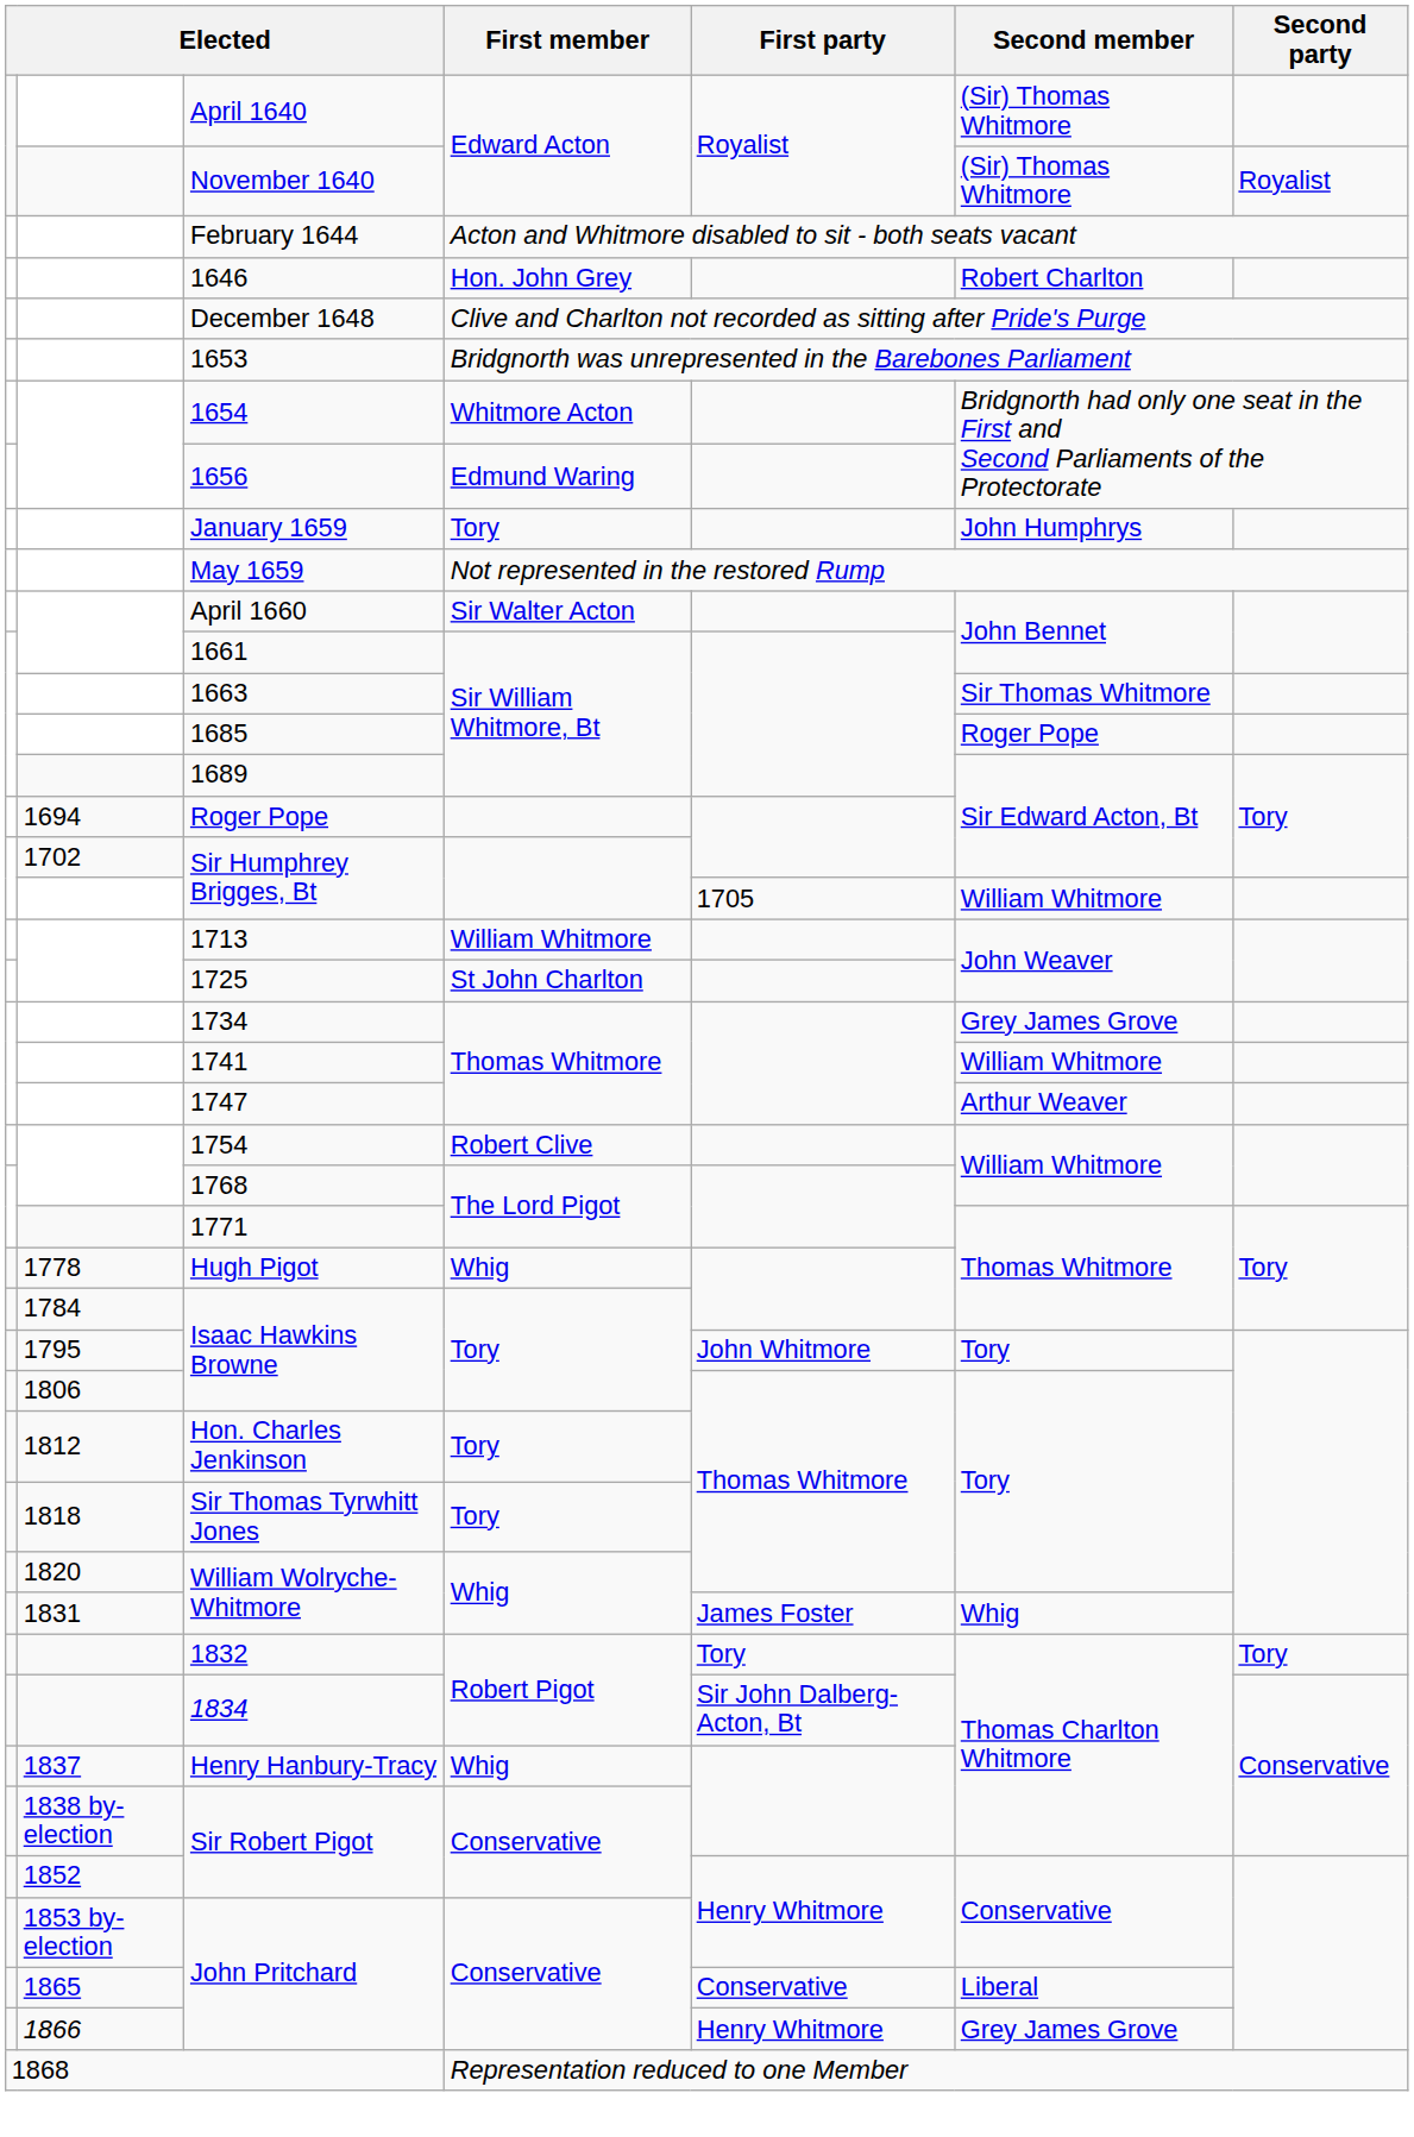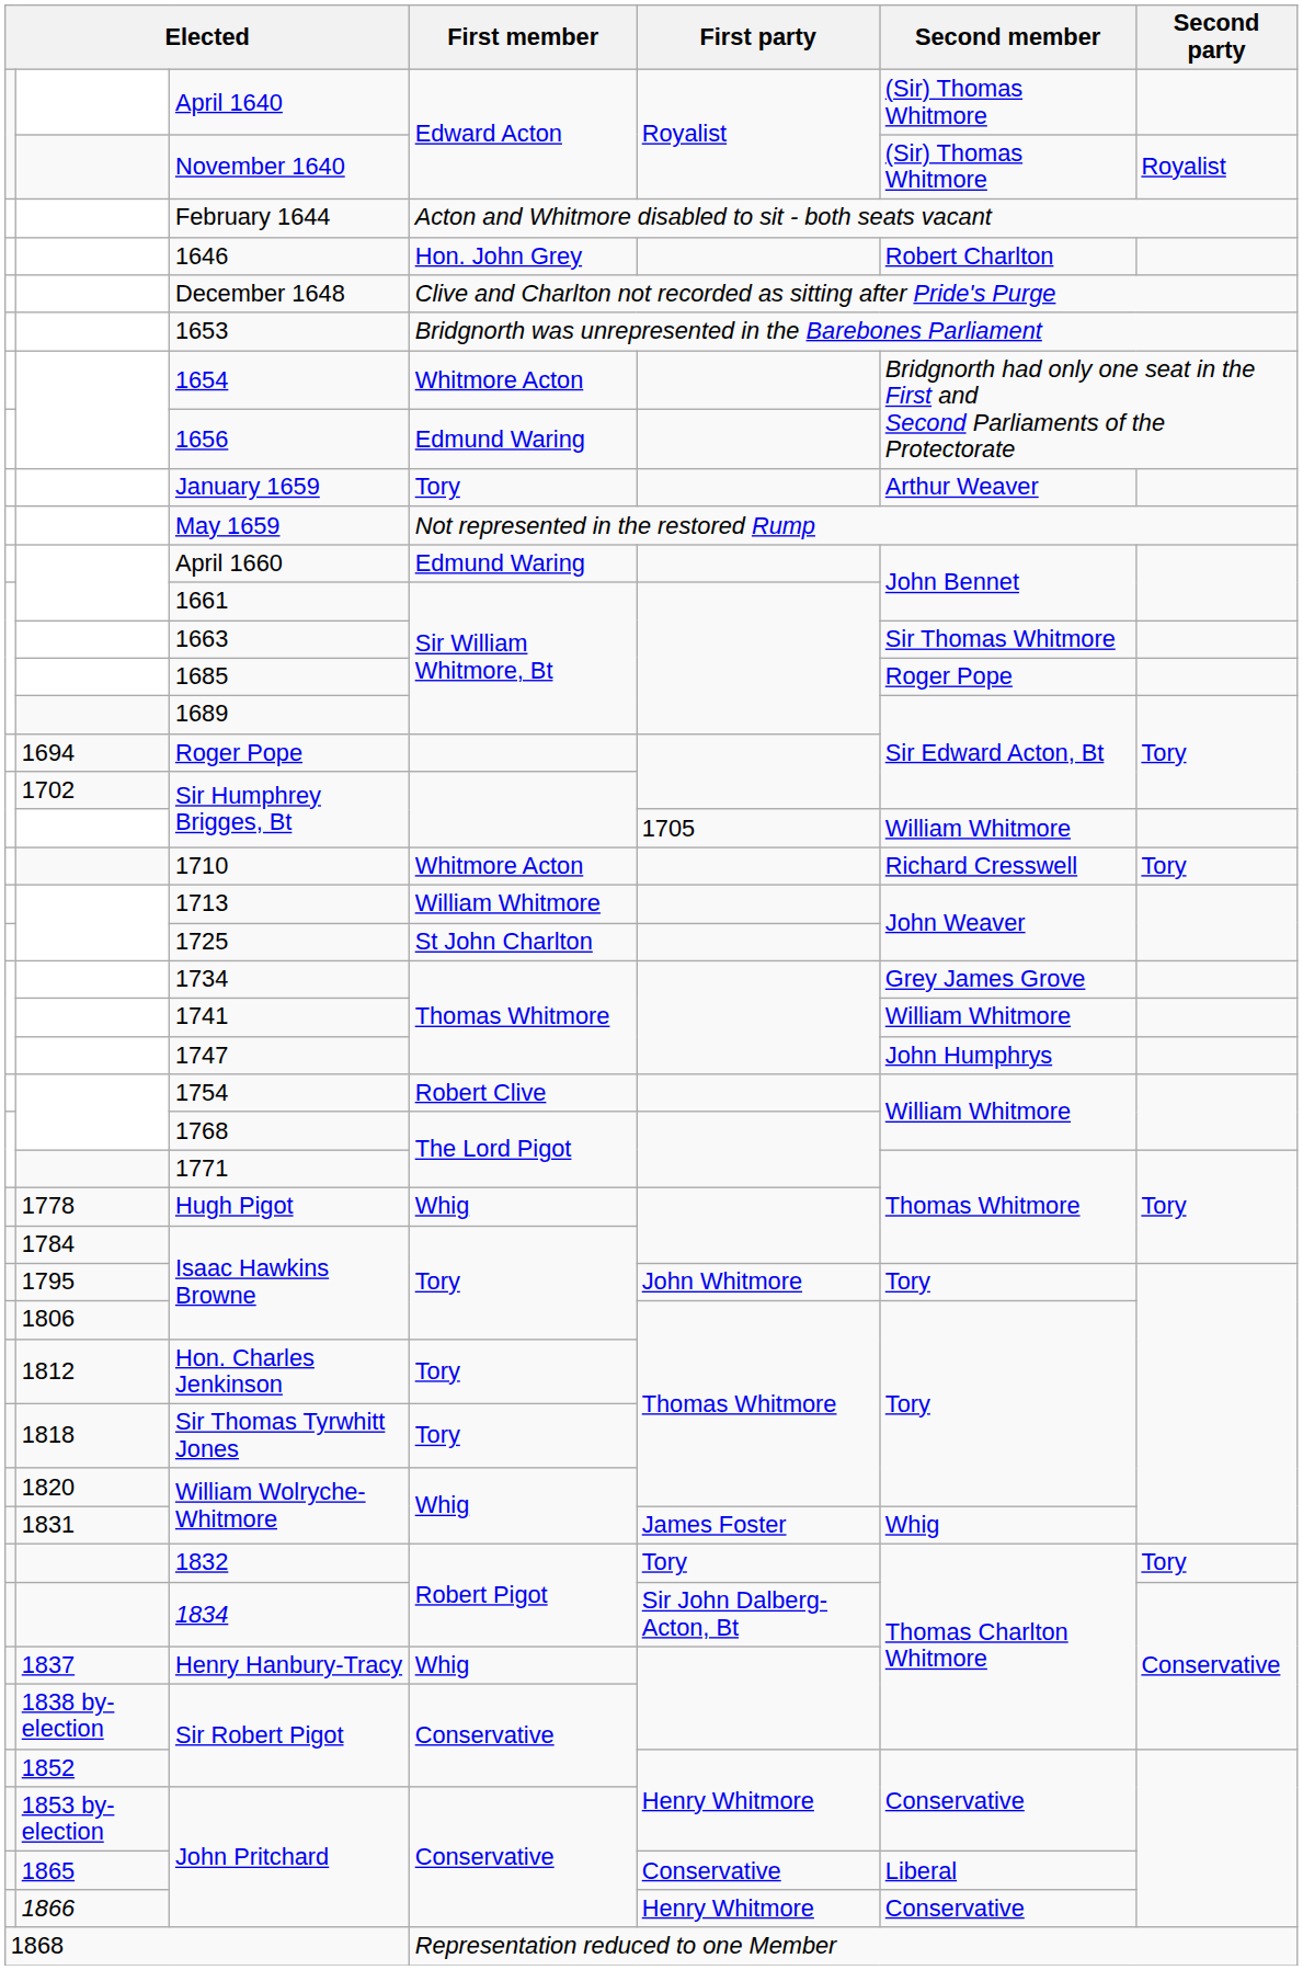 <table class="wikitable">
 <tr>
 <th colspan="3">Elected</th>
 <th>First member</th>
 <th>First party</th>
 <th>Second member</th>
 <th>Second party</th>
 </tr>
 <tr>
 <td rowspan="2" style="color:inherit;background-color: "></td>
 <td style="color:inherit;background:white;"></td>
 <td><a href='#'>April 1640</a></td>
 <td rowspan="2"><a href='#'>Edward Acton</a></td>
 <td rowspan="2"><a href='#'>Royalist</a></td>
 <td><a href='#'>(Sir) Thomas Whitmore</a></td>
 <td></td>
 </tr>
 <tr>
 <td style="color:inherit;background-color: "></td>
 <td><a href='#'>November 1640</a></td>
 <td><a href='#'>(Sir) Thomas Whitmore</a></td>
 <td><a href='#'>Royalist</a></td>
 </tr>
 <tr>
 <td style="color:inherit;background:white;"></td>
 <td style="color:inherit;background:white;"></td>
 <td>February 1644</td>
 <td colspan="4"><em>Acton and Whitmore disabled to sit - both seats vacant</em></td>
 </tr>
 <tr>
 <td style="color:inherit;background:white;"></td>
 <td style="color:inherit;background:white;"></td>
 <td>1646</td>
 <td><a href='#'>Hon. John Grey</a></td>
 <td></td>
 <td><a href='#'>Robert Charlton</a></td>
 </tr>
 <tr>
 <td style="color:inherit;background:white;"></td>
 <td style="color:inherit;background:white;"></td>
 <td>December 1648</td>
 <td colspan="4"><em>Clive and Charlton not recorded as sitting after <a href='#'>Pride's Purge</a></em></td>
 </tr>
 <tr>
 <td style="color:inherit;background:white;"></td>
 <td style="color:inherit;background:white;"></td>
 <td>1653</td>
 <td colspan="4"><em>Bridgnorth was unrepresented in the <a href='#'>Barebones Parliament</a></em></td>
 </tr>
 <tr>
 <td style="color:inherit;background:white;"></td>
 <td rowspan="2" style="color:inherit;background:white;"></td>
 <td><a href='#'>1654</a></td>
 <td><a href='#'>Whitmore Acton</a></td>
 <td></td>
 <td rowspan="2" colspan="2"><em>Bridgnorth had only one seat in the <a href='#'>First</a>  and <br><a href='#'>Second</a> Parliaments of the Protectorate</em></td>
 </tr>
 <tr>
 <td style="color:inherit;background:white;"></td>
 <td><a href='#'>1656</a></td>
 <td><a href='#'>Edmund Waring</a></td>
 <td></td>
 </tr>
 <tr>
 <td style="color:inherit;background:white;"></td>
 <td style="color:inherit;background:white;"></td>
 <td><a href='#'>January 1659</a></td>
 <td><a href='#'>Tory</a></td>
 <td></td>
-<td><a href='#'>John Humphrys</a></td>
+<td><a href='#'>Arthur Weaver</a></td>
 <td></td>
 </tr>
 <tr>
 <td style="color:inherit;background:white;"></td>
 <td style="color:inherit;background:white;"></td>
 <td><a href='#'>May 1659</a></td>
 <td colspan="4"><em>Not represented in the restored <a href='#'>Rump</a></em></td>
 </tr>
 <tr>
 <td style="color:inherit;background:white;"></td>
 <td style="color:inherit;background:white;" rowspan="2"></td>
 <td>April 1660</td>
-<td><a href='#'>Sir Walter Acton</a></td>
+<td><a href='#'>Edmund Waring</a></td>
 <td></td>
 <td rowspan="2"><a href='#'>John Bennet</a></td>
 <td rowspan="2"></td>
 </tr>
 <tr>
 <td style="color:inherit;background:white;" rowspan="4"></td>
 <td>1661</td>
 <td rowspan="4"><a href='#'>Sir William Whitmore, Bt</a></td>
 <td rowspan="4"></td>
 </tr>
 <tr>
 <td style="color:inherit;background:white;"></td>
 <td>1663</td>
 <td><a href='#'>Sir Thomas Whitmore</a></td>
 <td></td>
 </tr>
 <tr>
 <td style="color:inherit;background:white;"></td>
 <td>1685</td>
 <td><a href='#'>Roger Pope</a></td>
 <td></td>
 </tr>
 <tr>
 <td style="color:inherit;background-color: "></td>
 <td>1689</td>
 <td rowspan="3"><a href='#'>Sir Edward Acton, Bt</a></td>
 <td rowspan="3"><a href='#'>Tory</a></td>
 </tr>
 <tr>
 <td style="color:inherit;background:white;"></td>
 <td>1694</td>
 <td><a href='#'>Roger Pope</a></td>
 <td></td>
 </tr>
 <tr>
 <td style="color:inherit;background:white;" rowspan="2"></td>
 <td>1702</td>
 <td rowspan="2"><a href='#'>Sir Humphrey Brigges, Bt</a></td>
 <td rowspan="2"></td>
 </tr>
 <tr>
 <td style="color:inherit;background:white;"></td>
 <td>1705</td>
 <td><a href='#'>William Whitmore</a></td>
 <td></td>
 </tr>
 <tr>
 <td style="color:inherit;background:white;"></td>
+<td style="color:inherit;background-color: "></td>
+<td>1710</td>
+<td><a href='#'>Whitmore Acton</a></td>
+<td></td>
+<td><a href='#'>Richard Cresswell</a></td>
+<td><a href='#'>Tory</a></td>
+</tr>
+<tr>
+<td style="color:inherit;background:white;"></td>
 <td style="color:inherit;background:white;" rowspan="2"></td>
 <td>1713</td>
 <td><a href='#'>William Whitmore</a></td>
 <td></td>
 <td rowspan="2"><a href='#'>John Weaver</a></td>
 <td rowspan="2"></td>
 </tr>
 <tr>
 <td style="color:inherit;background:white;"></td>
 <td>1725</td>
 <td><a href='#'>St John Charlton</a></td>
 <td></td>
 </tr>
 <tr>
 <td style="color:inherit;background:white;" rowspan="3"></td>
 <td style="color:inherit;background:white;"></td>
 <td>1734</td>
 <td rowspan="3"><a href='#'>Thomas Whitmore</a></td>
 <td rowspan="3"></td>
 <td><a href='#'>Grey James Grove</a></td>
 <td></td>
 </tr>
 <tr>
 <td style="color:inherit;background:white;"></td>
 <td>1741</td>
 <td><a href='#'>William Whitmore</a></td>
 <td></td>
 </tr>
 <tr>
 <td style="color:inherit;background:white;"></td>
 <td>1747</td>
-<td><a href='#'>Arthur Weaver</a></td>
+<td><a href='#'>John Humphrys</a></td>
 <td></td>
 </tr>
 <tr>
 <td style="color:inherit;background:white;"></td>
 <td style="color:inherit;background:white;" rowspan="2"></td>
 <td>1754</td>
 <td><a href='#'>Robert Clive</a></td>
 <td></td>
 <td rowspan="2"><a href='#'>William Whitmore</a></td>
 <td rowspan="2"></td>
 </tr>
 <tr>
 <td style="color:inherit;background:white;" rowspan="2"></td>
 <td>1768</td>
 <td rowspan="2"><a href='#'>The Lord Pigot</a></td>
 <td rowspan="2"></td>
 </tr>
 <tr>
 <td style="color:inherit;background-color: "></td>
 <td>1771</td>
 <td rowspan="3"><a href='#'>Thomas Whitmore</a></td>
 <td rowspan="3"><a href='#'>Tory</a></td>
 </tr>
 <tr>
 <td style="color:inherit;background-color: "></td>
 <td>1778</td>
 <td><a href='#'>Hugh Pigot</a></td>
 <td><a href='#'>Whig</a></td>
 </tr>
 <tr>
 <td style="color:inherit;background-color: "></td>
 <td>1784</td>
 <td rowspan="3"><a href='#'>Isaac Hawkins Browne</a></td>
 <td rowspan="3"><a href='#'>Tory</a></td>
 </tr>
 <tr>
 <td style="color:inherit;background-color: "></td>
 <td>1795</td>
 <td><a href='#'>John Whitmore</a></td>
 <td><a href='#'>Tory</a></td>
 </tr>
 <tr>
 <td style="color:inherit;background-color: "></td>
 <td>1806</td>
 <td rowspan="4"><a href='#'>Thomas Whitmore</a></td>
 <td rowspan="4"><a href='#'>Tory</a></td>
 </tr>
 <tr>
 <td style="color:inherit;background-color: "></td>
 <td>1812</td>
 <td><a href='#'>Hon. Charles Jenkinson</a></td>
 <td><a href='#'>Tory</a></td>
 </tr>
 <tr>
 <td style="color:inherit;background-color: "></td>
 <td>1818</td>
 <td><a href='#'>Sir Thomas Tyrwhitt Jones</a></td>
 <td><a href='#'>Tory</a></td>
 </tr>
 <tr>
 <td style="color:inherit;background-color: "></td>
 <td>1820</td>
 <td rowspan="2"><a href='#'>William Wolryche-Whitmore</a></td>
 <td rowspan="2"><a href='#'>Whig</a></td>
 </tr>
 <tr>
 <td style="color:inherit;background-color: "></td>
 <td>1831</td>
 <td><a href='#'>James Foster</a></td>
 <td><a href='#'>Whig</a></td>
 </tr>
 <tr>
 <td style="color:inherit;background-color: "></td>
 <td style="color:inherit;background-color: "></td>
 <td><a href='#'>1832</a></td>
 <td rowspan="2"><a href='#'>Robert Pigot</a></td>
 <td><a href='#'>Tory</a></td>
 <td rowspan="4"><a href='#'>Thomas Charlton Whitmore</a></td>
 <td><a href='#'>Tory</a></td>
 </tr>
 <tr>
 <td style="color:inherit;background-color: "></td>
 <td style="color:inherit;background-color: "></td>
 <td><em><a href='#'>1834</a></em></td>
 <td><a href='#'>Sir John Dalberg-Acton, Bt</a></td>
 <td rowspan="3"><a href='#'>Conservative</a></td>
 </tr>
 <tr>
 <td style="color:inherit;background-color: "></td>
 <td><a href='#'>1837</a></td>
 <td><a href='#'>Henry Hanbury-Tracy</a></td>
 <td><a href='#'>Whig</a></td>
 </tr>
 <tr>
 <td style="color:inherit;background-color: "></td>
 <td><a href='#'>1838 by-election</a></td>
 <td rowspan="2"><a href='#'>Sir Robert Pigot</a></td>
 <td rowspan="2"><a href='#'>Conservative</a></td>
 </tr>
 <tr>
 <td style="color:inherit;background-color: "></td>
 <td><a href='#'>1852</a></td>
 <td rowspan="2"><a href='#'>Henry Whitmore</a></td>
 <td rowspan="2"><a href='#'>Conservative</a></td>
 </tr>
 <tr>
 <td style="color:inherit;background-color: "></td>
 <td><a href='#'>1853 by-election</a></td>
 <td rowspan="3"><a href='#'>John Pritchard</a></td>
 <td rowspan="3"><a href='#'>Conservative</a></td>
 </tr>
 <tr>
 <td style="color:inherit;background-color: "></td>
 <td><a href='#'>1865</a></td>
 <td><a href='#'>Conservative</a></td>
 <td><a href='#'>Liberal</a></td>
 </tr>
 <tr>
 <td style="color:inherit;background-color: "></td>
 <td><em>1866</em></td>
 <td><a href='#'>Henry Whitmore</a></td>
-<td><a href='#'>Grey James Grove</a></td>
+<td><a href='#'>Conservative</a></td>
 </tr>
 <tr>
 <td colspan="3">1868</td>
 <td colspan="4"><em>Representation reduced to one Member</em></td>
 </tr>
 </table>
